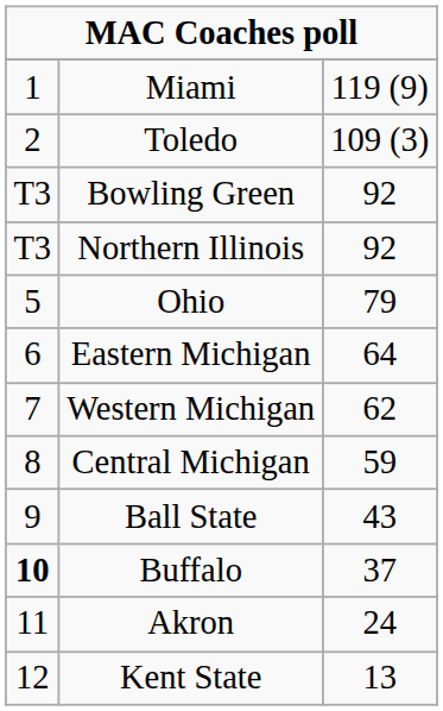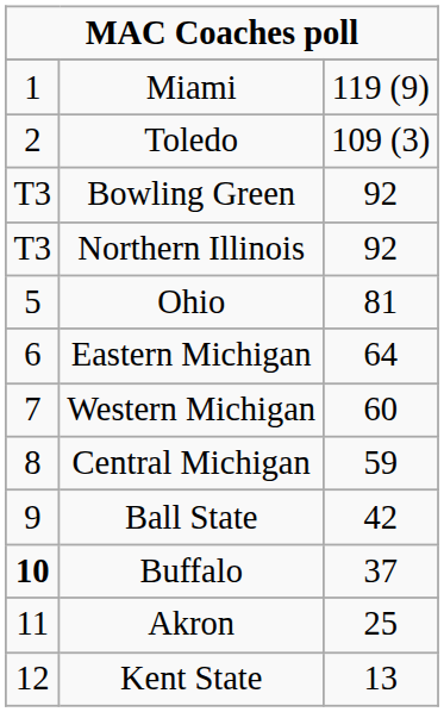 <table class="wikitable" style="display: inline-table;">
 <tr align="center">
 <td align="center" Colspan="3"><strong>MAC Coaches poll</strong></td>
 </tr>
 <tr align="center">
 </tr>
 <tr align="center">
 <td>1</td>
 <td>Miami</td>
 <td>119 (9)</td>
 </tr>
 <tr align="center">
 <td>2</td>
 <td>Toledo</td>
 <td>109 (3)</td>
 </tr>
 <tr align="center">
 <td>T3</td>
 <td>Bowling Green</td>
 <td>92</td>
 </tr>
 <tr align="center">
 <td>T3</td>
 <td>Northern Illinois</td>
 <td>92</td>
 </tr>
 <tr align="center">
 <td>5</td>
 <td>Ohio</td>
-<td>79</td>
+<td>81</td>
 </tr>
 <tr align="center">
 <td>6</td>
 <td>Eastern Michigan</td>
 <td>64</td>
 </tr>
 <tr align="center">
 <td>7</td>
 <td>Western Michigan</td>
-<td>62</td>
+<td>60</td>
 </tr>
 <tr align="center">
 <td>8</td>
 <td>Central Michigan</td>
 <td>59</td>
 </tr>
 <tr align="center">
 <td>9</td>
 <td>Ball State</td>
-<td>43</td>
+<td>42</td>
 </tr>
 <tr align="center">
 <td><strong>10</strong></td>
 <td>Buffalo</td>
 <td>37</td>
 </tr>
 <tr align="center">
 <td>11</td>
 <td>Akron</td>
-<td>24</td>
+<td>25</td>
 </tr>
 <tr align="center">
 <td>12</td>
 <td>Kent State</td>
 <td>13</td>
 </tr>
 </table>
